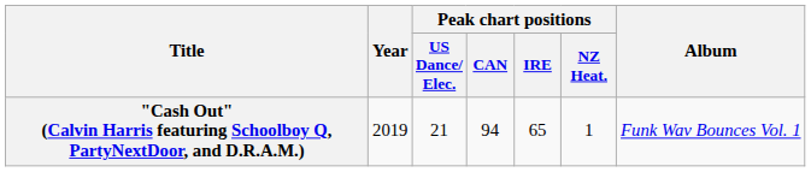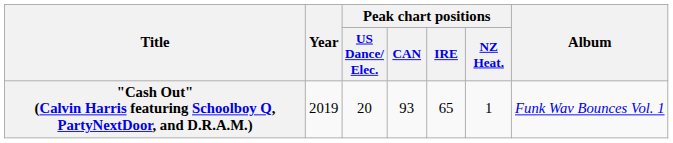 <table class="wikitable plainrowheaders" style="text-align:center;">
 <tr>
 <th scope="col" rowspan="2" style="width:20em;">Title</th>
 <th scope="col" rowspan="2">Year</th>
 <th scope="col" colspan="4">Peak chart positions</th>
 <th scope="col" rowspan="2">Album</th>
 </tr>
 <tr>
 <th scope="col" style="width:2.5em;font-size:90%;"><a href='#'>US<br>Dance/<br>Elec.</a><br></th>
 <th scope="col" style="width:2.5em;font-size:90%;"><a href='#'>CAN</a><br></th>
 <th scope="col" style="width:2.5em;font-size:90%;"><a href='#'>IRE</a><br></th>
 <th scope="col" style="width:3em;font-size:90%;"><a href='#'>NZ<br>Heat.</a><br></th>
 </tr>
 <tr>
 <th scope="row">"Cash Out"<br><span>(<a href='#'>Calvin Harris</a> featuring <a href='#'>Schoolboy Q</a>, <a href='#'>PartyNextDoor</a>, and D.R.A.M.)</span></th>
 <td>2019</td>
-<td>21</td>
-<td>94</td>
+<td>20</td>
+<td>93</td>
 <td>65</td>
 <td>1</td>
 <td><em><a href='#'>Funk Wav Bounces Vol. 1</a></em></td>
 </tr>
 </table>
